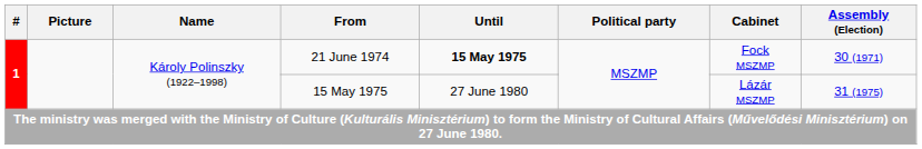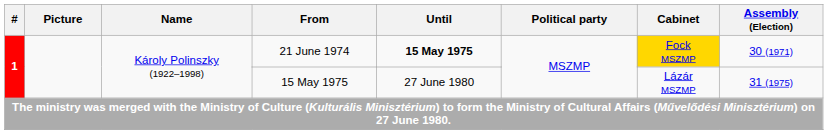 <table width=90% class="wikitable" style="text-align:center">
 <tr>
 <th>#</th>
 <th>Picture</th>
 <th>Name</th>
 <th>From</th>
 <th>Until</th>
 <th>Political party</th>
 <th>Cabinet</th>
 <th><a href='#'>Assembly</a><br><small>(Election)</small></th>
 </tr>
 <tr>
 <th rowspan="3" style="background:Red; color:white">1</th>
 <td rowspan="3"></td>
 <td rowspan="3"><a href='#'>Károly Polinszky</a><br><small>(1922–1998)</small></td>
 <td>21 June 1974</td>
 <td><strong>15 May 1975</strong></td>
 <td rowspan="3"><a href='#'>MSZMP</a></td>
-<td><a href='#'>Fock</a><br><small><a href='#'>MSZMP</a></small></td>
+<td style="background: gold;"><a href='#'>Fock</a><br><small><a href='#'>MSZMP</a></small></td>
 <td rowspan="2"><a href='#'>30 <small>(1971)</small></a></td>
 </tr>
 <tr>
 <td rowspan="2">15 May 1975</td>
 <td rowspan="2">27 June 1980</td>
 <td rowspan="2"><a href='#'>Lázár</a><br><small><a href='#'>MSZMP</a></small></td>
 </tr>
 <tr>
 <td><a href='#'>31 <small>(1975)</small></a></td>
 </tr>
 <tr>
 <th colspan="8" style="background-color:#ACACAC; color:white">The ministry was merged with the Ministry of Culture (<em>Kulturális Minisztérium</em>) to form the Ministry of Cultural Affairs (<em>Művelődési Minisztérium</em>) on 27 June 1980.</th>
 </tr>
 <tr>
 </tr>
 </table>
